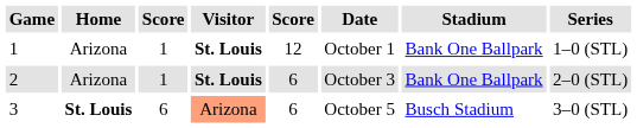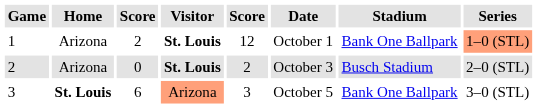 <table border="0" cellspacing="3" cellpadding="3">
 <tr style="background: #e3e3e3;">
 <th>Game</th>
 <th>Home</th>
 <th>Score</th>
 <th>Visitor</th>
 <th>Score</th>
 <th>Date</th>
 <th>Stadium</th>
 <th>Series</th>
 </tr>
 <tr>
 <td>1</td>
 <td align="center">Arizona</td>
-<td align="center">1</td>
+<td align="center">2</td>
 <td align="center"><strong>St. Louis</strong></td>
 <td align="center">12</td>
 <td align="center">October 1</td>
 <td><a href='#'>Bank One Ballpark</a></td>
-<td>1–0 (STL)</td>
+<td style="background: lightsalmon;">1–0 (STL)</td>
 </tr>
 <tr style="background: #e3e3e3;">
 <td>2</td>
 <td align="center">Arizona</td>
-<td align="center">1</td>
+<td align="center">0</td>
 <td align="center"><strong>St. Louis</strong></td>
-<td align="center">6</td>
+<td align="center">2</td>
 <td align="center">October 3</td>
-<td><a href='#'>Bank One Ballpark</a></td>
+<td><a href='#'>Busch Stadium</a></td>
 <td>2–0 (STL)</td>
 </tr>
 <tr>
 <td>3</td>
 <td align="center"><strong>St. Louis</strong></td>
 <td align="center">6</td>
 <td align="center" style="background: lightsalmon;">Arizona</td>
-<td align="center">6</td>
+<td align="center">3</td>
 <td align="center">October 5</td>
-<td><a href='#'>Busch Stadium</a></td>
+<td><a href='#'>Bank One Ballpark</a></td>
 <td>3–0 (STL)</td>
 </tr>
 <tr>
 </tr>
 </table>
